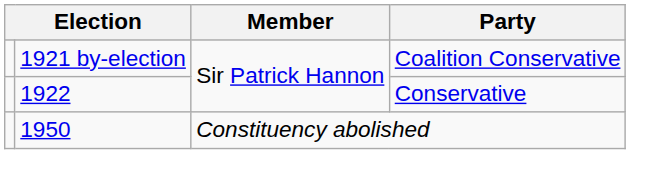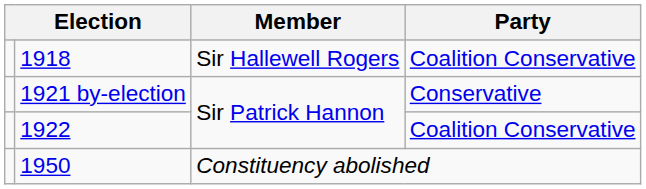 <table class="wikitable">
 <tr>
 <th colspan="2">Election</th>
 <th>Member</th>
 <th>Party</th>
 </tr>
 <tr>
 <td style="color:inherit;background-color: "></td>
-<td><a href='#'>1921 by-election</a></td>
-<td rowspan="2">Sir <a href='#'>Patrick Hannon</a></td>
+<td><a href='#'>1918</a></td>
+<td>Sir <a href='#'>Hallewell Rogers</a></td>
 <td><a href='#'>Coalition Conservative</a></td>
 </tr>
 <tr>
 <td style="color:inherit;background-color: "></td>
+<td><a href='#'>1921 by-election</a></td>
+<td rowspan="2">Sir <a href='#'>Patrick Hannon</a></td>
+<td><a href='#'>Conservative</a></td>
+</tr>
+<tr>
+<td style="color:inherit;background-color: "></td>
 <td><a href='#'>1922</a></td>
-<td><a href='#'>Conservative</a></td>
+<td><a href='#'>Coalition Conservative</a></td>
 </tr>
 <tr>
 <td></td>
 <td><a href='#'>1950</a></td>
 <td colspan="2"><em>Constituency abolished</em></td>
 </tr>
 </table>
